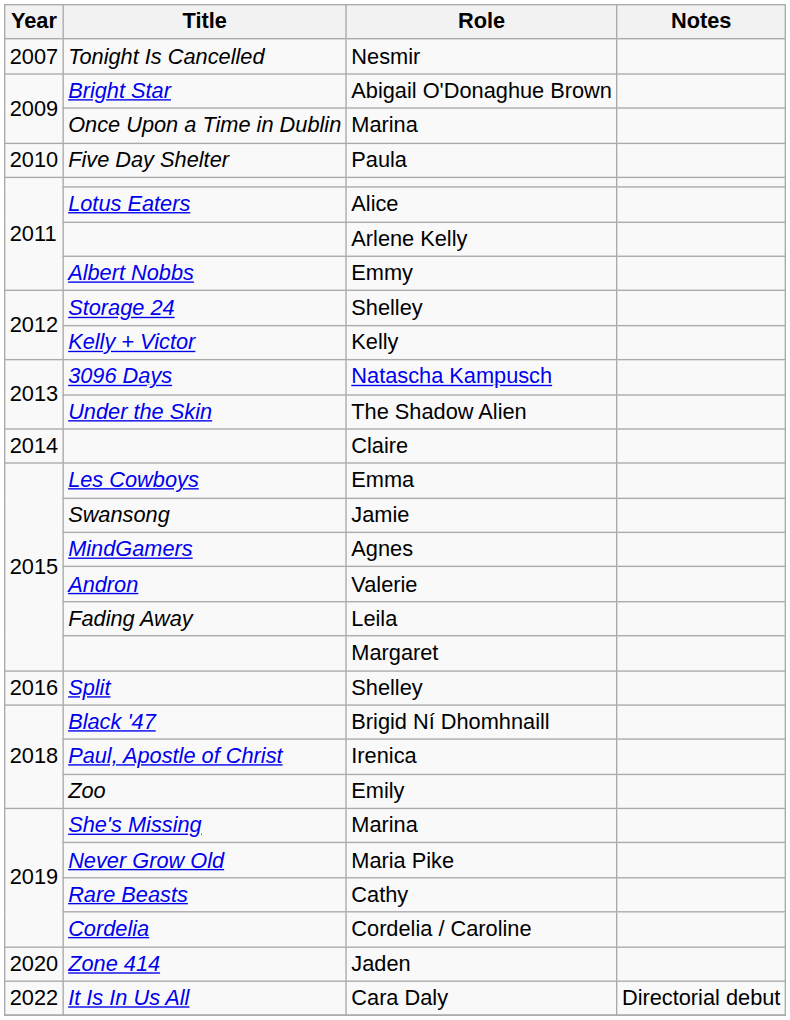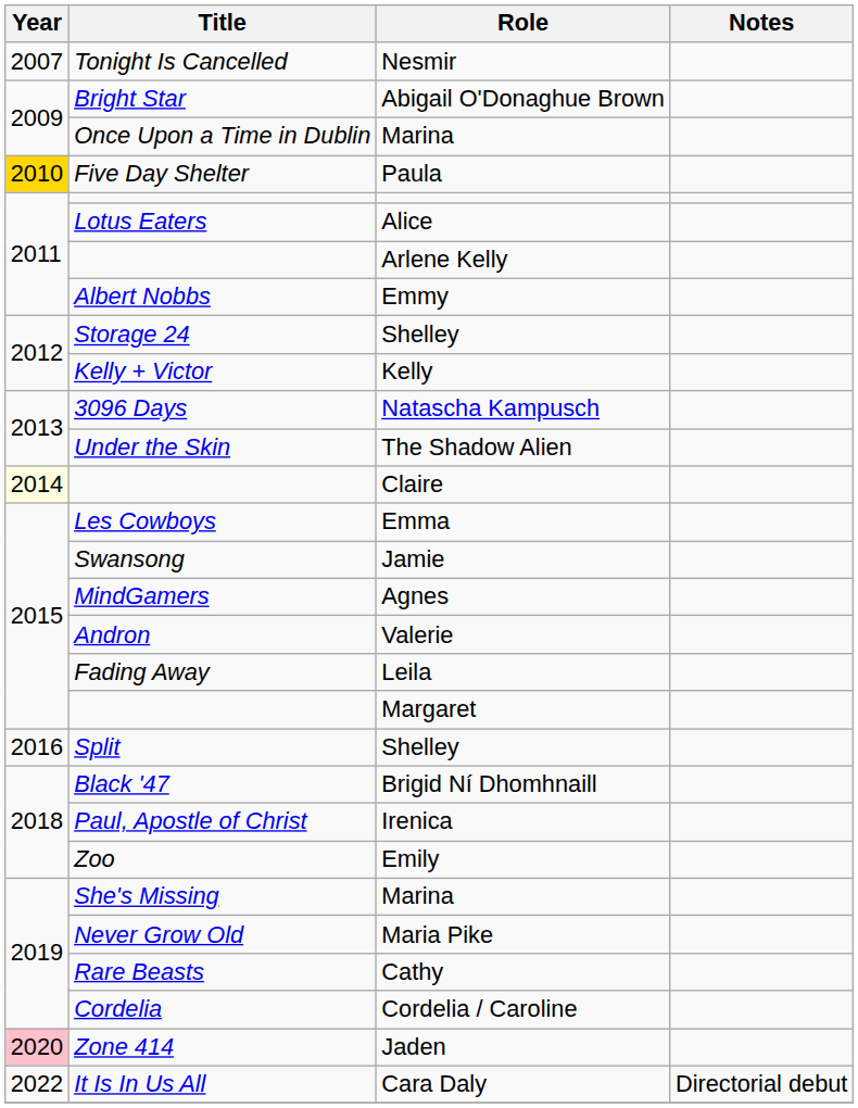 <table class="wikitable sortable">
 <tr>
 <th>Year</th>
 <th>Title</th>
 <th>Role</th>
 <th class="unsortable">Notes</th>
 </tr>
 <tr>
 <td>2007</td>
 <td><em>Tonight Is Cancelled</em></td>
 <td>Nesmir</td>
 <td></td>
 </tr>
 <tr>
 <td rowspan=2>2009</td>
 <td><em><a href='#'>Bright Star</a></em></td>
 <td>Abigail O'Donaghue Brown</td>
 <td></td>
 </tr>
 <tr>
 <td><em>Once Upon a Time in Dublin</em></td>
 <td>Marina</td>
 <td></td>
 </tr>
 <tr>
-<td>2010</td>
+<td style="background: gold;">2010</td>
 <td><em>Five Day Shelter</em></td>
 <td>Paula</td>
 <td></td>
 </tr>
 <tr>
 <td rowspan=4>2011</td>
 <td><em></em></td>
 <td></td>
 </tr>
 <tr>
 <td><em><a href='#'>Lotus Eaters</a></em></td>
 <td>Alice</td>
 <td></td>
 </tr>
 <tr>
 <td><em></em></td>
 <td>Arlene Kelly</td>
 <td></td>
 </tr>
 <tr>
 <td><em><a href='#'>Albert Nobbs</a></em></td>
 <td>Emmy</td>
 <td></td>
 </tr>
 <tr>
 <td rowspan=2>2012</td>
 <td><em><a href='#'>Storage 24</a></em></td>
 <td>Shelley</td>
 <td></td>
 </tr>
 <tr>
 <td><em><a href='#'>Kelly + Victor</a></em></td>
 <td>Kelly</td>
 <td></td>
 </tr>
 <tr>
 <td rowspan=2>2013</td>
 <td><em><a href='#'>3096 Days</a></em></td>
 <td><a href='#'>Natascha Kampusch</a></td>
 <td></td>
 </tr>
 <tr>
 <td><a href='#'><em>Under the Skin</em></a></td>
 <td>The Shadow Alien</td>
 <td></td>
 </tr>
 <tr>
-<td>2014</td>
+<td style="background: lightyellow;">2014</td>
 <td><em></em></td>
 <td>Claire</td>
 <td></td>
 </tr>
 <tr>
 <td rowspan=6>2015</td>
 <td><em><a href='#'>Les Cowboys</a></em></td>
 <td>Emma</td>
 <td></td>
 </tr>
 <tr>
 <td><em>Swansong</em></td>
 <td>Jamie</td>
 <td></td>
 </tr>
 <tr>
 <td><em><a href='#'>MindGamers</a></em></td>
 <td>Agnes</td>
 <td></td>
 </tr>
 <tr>
 <td><em><a href='#'>Andron</a></em></td>
 <td>Valerie</td>
 <td></td>
 </tr>
 <tr>
 <td><em>Fading Away</em></td>
 <td>Leila</td>
 <td></td>
 </tr>
 <tr>
 <td><em></em></td>
 <td>Margaret</td>
 <td></td>
 </tr>
 <tr>
 <td>2016</td>
 <td><em><a href='#'>Split</a></em></td>
 <td>Shelley</td>
 <td></td>
 </tr>
 <tr>
 <td rowspan=3>2018</td>
 <td><em><a href='#'>Black '47</a></em></td>
 <td>Brigid Ní Dhomhnaill</td>
 <td></td>
 </tr>
 <tr>
 <td><em><a href='#'>Paul, Apostle of Christ</a></em></td>
 <td>Irenica</td>
 <td></td>
 </tr>
 <tr>
 <td><em>Zoo</em></td>
 <td>Emily</td>
 <td></td>
 </tr>
 <tr>
 <td rowspan=4>2019</td>
 <td><em><a href='#'>She's Missing</a></em></td>
 <td>Marina</td>
 <td></td>
 </tr>
 <tr>
 <td><em><a href='#'>Never Grow Old</a></em></td>
 <td>Maria Pike</td>
 <td></td>
 </tr>
 <tr>
 <td><em><a href='#'>Rare Beasts</a></em></td>
 <td>Cathy</td>
 <td></td>
 </tr>
 <tr>
 <td><em><a href='#'>Cordelia</a></em></td>
 <td>Cordelia / Caroline</td>
 <td></td>
 </tr>
 <tr>
-<td>2020</td>
+<td style="background: pink;">2020</td>
 <td><em><a href='#'>Zone 414</a></em></td>
 <td>Jaden</td>
 <td></td>
 </tr>
 <tr>
 <td>2022</td>
 <td><em><a href='#'>It Is In Us All</a></em></td>
 <td>Cara Daly</td>
 <td>Directorial debut</td>
 </tr>
 <tr>
 </tr>
 </table>
